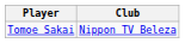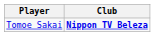 <table class="wikitable">
 <tr>
 <th>Player</th>
 <th>Club</th>
 </tr>
 <tr>
 <td> <a href='#'>Tomoe Sakai</a></td>
-<td><a href='#'>Nippon TV Beleza</a></td>
+<td><strong><a href='#'>Nippon TV Beleza</a></strong></td>
 </tr>
 </table>
